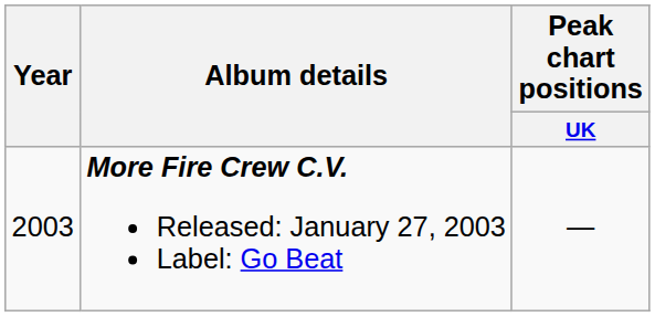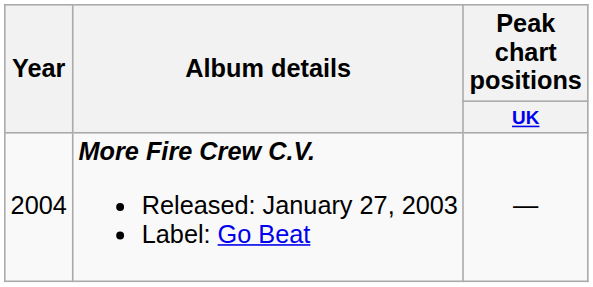 <table class="wikitable" style=text-align:center;>
 <tr>
 <th rowspan="2">Year</th>
 <th rowspan="2">Album details</th>
 <th>Peak chart positions</th>
 </tr>
 <tr>
 <th style="width:3em;font-size:75%"><a href='#'>UK</a></th>
 </tr>
 <tr>
-<td>2003</td>
+<td>2004</td>
 <td align="left"><strong><em>More Fire Crew C.V.</em></strong><br><ul><li>Released: January 27, 2003</li><li>Label: <a href='#'>Go Beat</a></li></ul></td>
 <td>—</td>
 </tr>
 </table>
